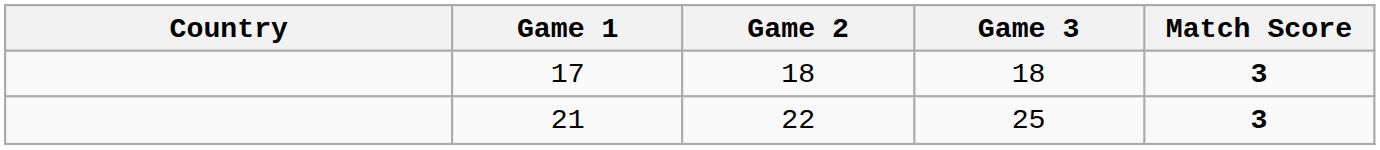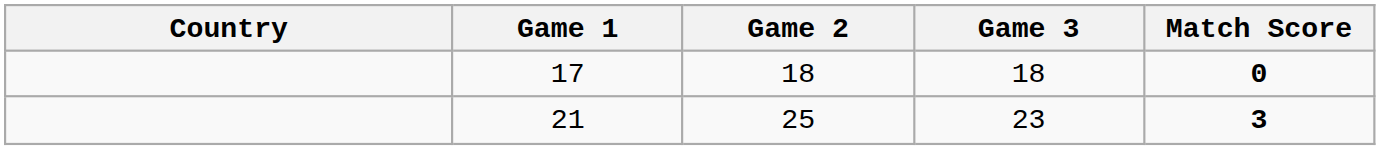 <table class=wikitable style="text-align:center">
 <tr>
 <th>Country</th>
 <th>Game 1</th>
 <th>Game 2</th>
 <th>Game 3</th>
 <th>Match Score</th>
 </tr>
 <tr>
 <td width=200></td>
 <td width=100>17</td>
 <td width=100>18</td>
 <td width=100>18</td>
-<td width=100><strong>3</strong></td>
+<td width=100><strong>0</strong></td>
 </tr>
 <tr>
 <td></td>
 <td>21</td>
-<td>22</td>
 <td>25</td>
+<td>23</td>
 <td><strong>3</strong></td>
 </tr>
 </table>
